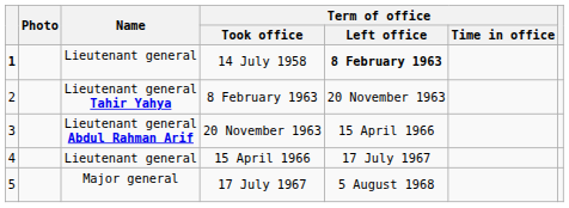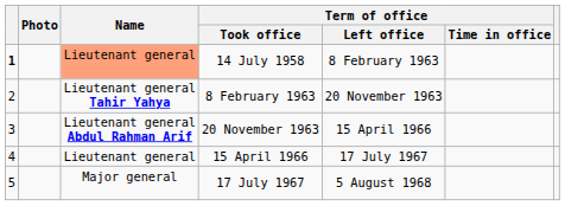 <table class="wikitable" style="text-align:center">
 <tr>
 <th rowspan=2></th>
 <th rowspan=2>Photo</th>
 <th rowspan=2>Name<br></th>
 <th colspan=3>Term of office</th>
 <th rowspan=2></th>
 </tr>
 <tr>
 <th>Took office</th>
 <th>Left office</th>
 <th>Time in office</th>
 </tr>
 <tr>
 <td><strong>1</strong></td>
 <td></td>
-<td>Lieutenant general<br><strong></strong><br></td>
+<td style="background: lightsalmon;">Lieutenant general<br><strong></strong><br></td>
 <td>14 July 1958</td>
-<td><strong>8 February 1963</strong></td>
+<td>8 February 1963</td>
 <td></td>
 <td></td>
 </tr>
 <tr>
 <td>2</td>
 <td></td>
 <td>Lieutenant general<br><strong><a href='#'>Tahir Yahya</a></strong><br></td>
 <td>8 February 1963</td>
 <td>20 November 1963</td>
 <td></td>
 <td></td>
 </tr>
 <tr>
 <td>3</td>
 <td></td>
 <td>Lieutenant general<br><strong><a href='#'>Abdul Rahman Arif</a></strong><br></td>
 <td>20 November 1963</td>
 <td>15 April 1966</td>
 <td></td>
 <td></td>
 </tr>
 <tr>
 <td>4</td>
 <td></td>
 <td>Lieutenant general<br><strong></strong></td>
 <td>15 April 1966</td>
 <td>17 July 1967</td>
 <td></td>
 <td></td>
 </tr>
 <tr>
 <td>5</td>
 <td></td>
 <td>Major general<br><strong></strong><br></td>
 <td>17 July 1967</td>
 <td>5 August 1968</td>
 <td></td>
 <td></td>
 </tr>
 </table>
